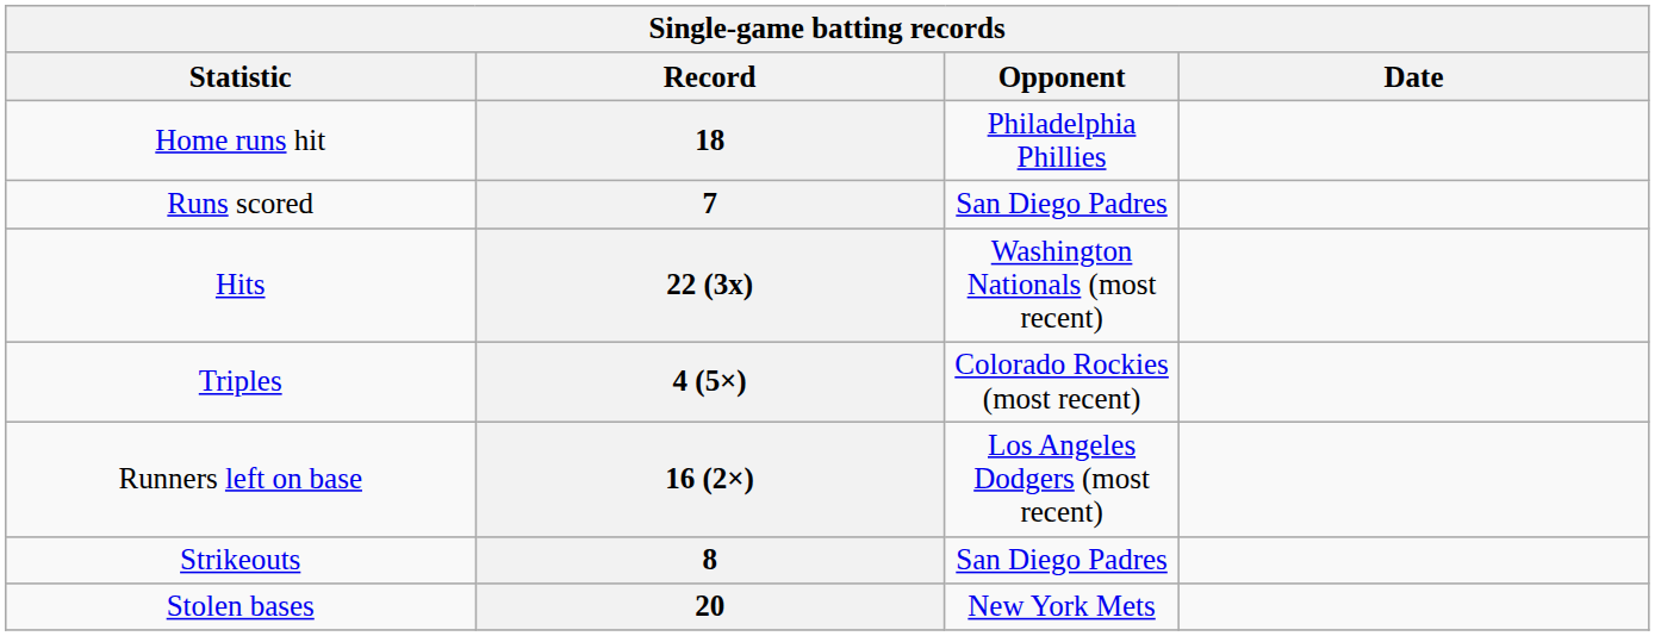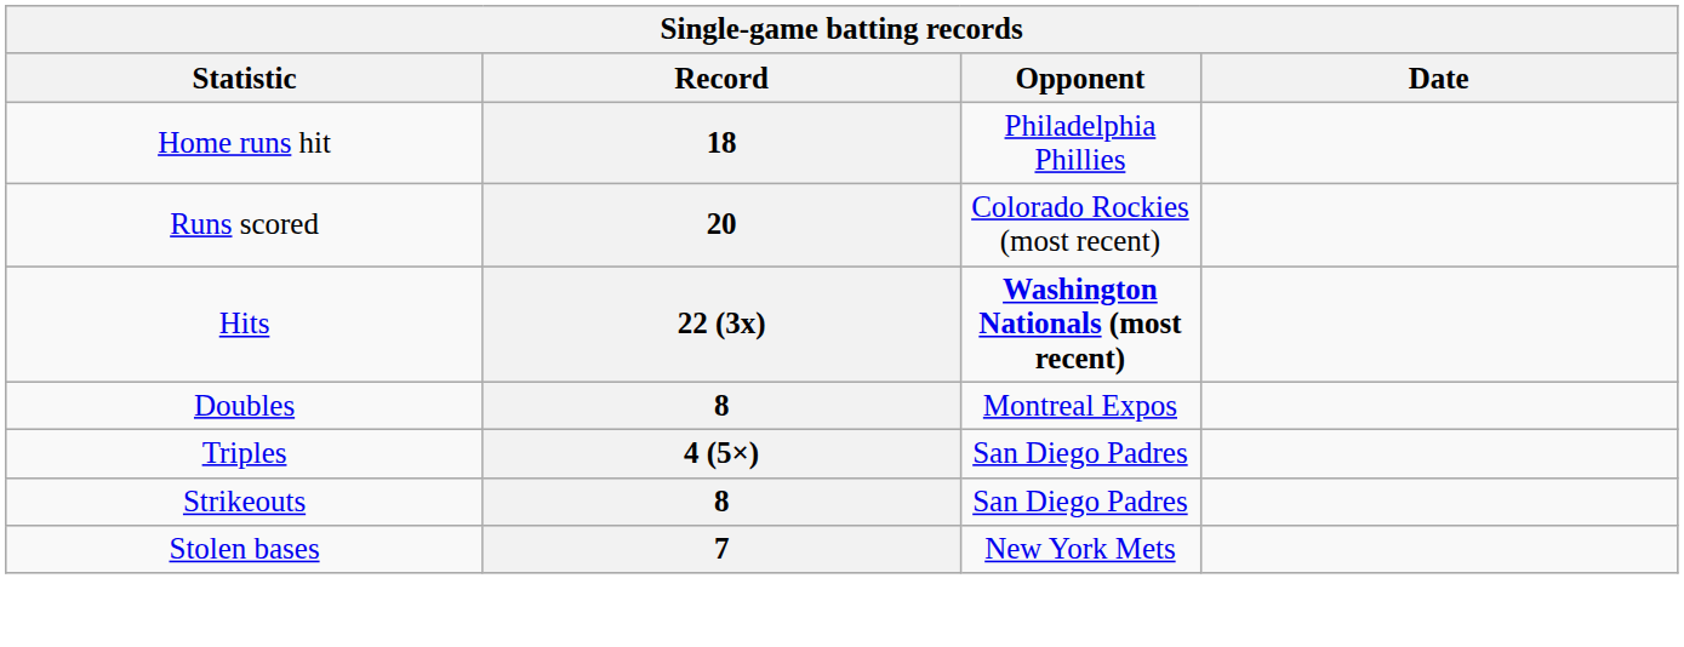 <table class="wikitable" style="text-align:center" width="70%">
 <tr>
 <th colspan=4>Single-game batting records</th>
 </tr>
 <tr>
 <th scope="col" width=20%>Statistic</th>
 <th scope="col" width=20% class="unsortable">Record</th>
 <th scope="col" width=10%>Opponent</th>
 <th scope="col" width=20%>Date</th>
 </tr>
 <tr>
 <td><a href='#'>Home runs</a> hit</td>
 <th scope="row">18</th>
 <td><a href='#'>Philadelphia Phillies</a></td>
 <td></td>
 </tr>
 <tr>
 <td><a href='#'>Runs</a> scored</td>
-<th scope="row">7</th>
-<td><a href='#'>San Diego Padres</a></td>
+<th scope="row">20</th>
+<td><a href='#'>Colorado Rockies</a> (most recent)</td>
 <td></td>
 </tr>
 <tr>
 <td><a href='#'>Hits</a></td>
 <th scope="row">22 (3x)</th>
-<td><a href='#'>Washington Nationals</a> (most recent)</td>
+<td><strong><a href='#'>Washington Nationals</a> (most recent)</strong></td>
+<td></td>
+</tr>
+<tr>
+<td><a href='#'>Doubles</a></td>
+<th scope="row">8</th>
+<td><a href='#'>Montreal Expos</a></td>
 <td></td>
 </tr>
 <tr>
 <td><a href='#'>Triples</a></td>
 <th scope="row">4 (5×)</th>
-<td><a href='#'>Colorado Rockies</a> (most recent)</td>
-<td></td>
-</tr>
-<tr>
-<td>Runners <a href='#'>left on base</a></td>
-<th scope="row">16 (2×)</th>
-<td><a href='#'>Los Angeles Dodgers</a> (most recent)</td>
+<td><a href='#'>San Diego Padres</a></td>
 <td></td>
 </tr>
 <tr>
 <td><a href='#'>Strikeouts</a></td>
 <th scope="row">8</th>
 <td><a href='#'>San Diego Padres</a></td>
 <td></td>
 </tr>
 <tr>
 <td><a href='#'>Stolen bases</a></td>
-<th scope="row">20</th>
+<th scope="row">7</th>
 <td><a href='#'>New York Mets</a></td>
 <td></td>
 </tr>
 </table>
